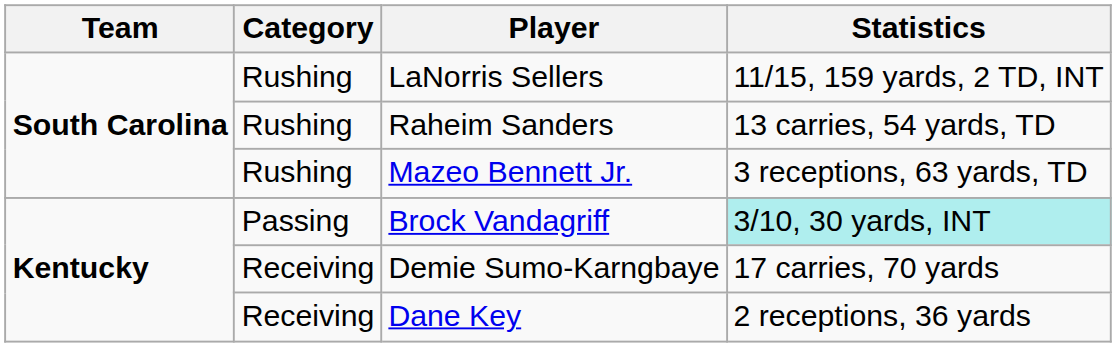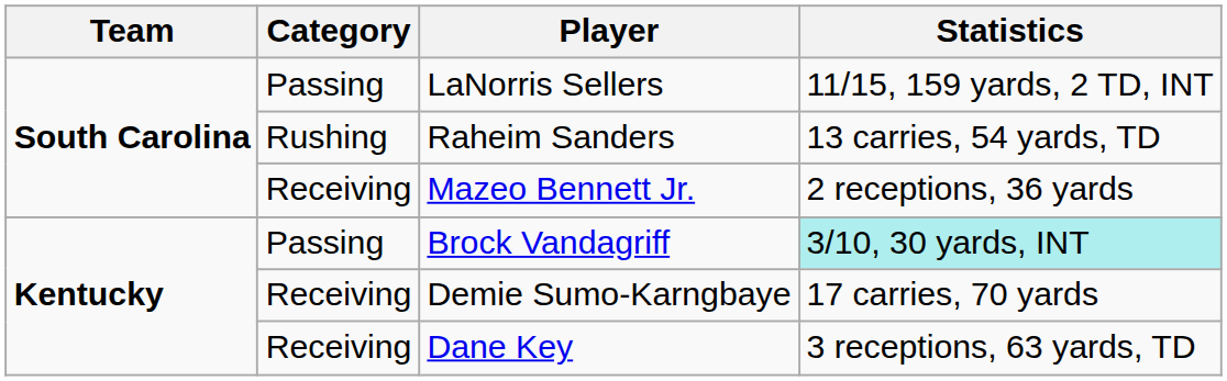 <table class="wikitable" style="float: right;">
 <tr>
 <th>Team</th>
 <th>Category</th>
 <th>Player</th>
 <th>Statistics</th>
 </tr>
 <tr>
 <td rowspan=3><strong>South Carolina</strong></td>
-<td>Rushing</td>
+<td>Passing</td>
 <td>LaNorris Sellers</td>
 <td>11/15, 159 yards, 2 TD, INT</td>
 </tr>
 <tr>
 <td>Rushing</td>
 <td>Raheim Sanders</td>
 <td>13 carries, 54 yards, TD</td>
 </tr>
 <tr>
-<td>Rushing</td>
+<td>Receiving</td>
 <td><a href='#'>Mazeo Bennett Jr.</a></td>
-<td>3 receptions, 63 yards, TD</td>
+<td>2 receptions, 36 yards</td>
 </tr>
 <tr>
 <td rowspan=3><strong>Kentucky</strong></td>
 <td>Passing</td>
 <td><a href='#'>Brock Vandagriff</a></td>
 <td style="background: paleturquoise;">3/10, 30 yards, INT</td>
 </tr>
 <tr>
 <td>Receiving</td>
 <td>Demie Sumo-Karngbaye</td>
 <td>17 carries, 70 yards</td>
 </tr>
 <tr>
 <td>Receiving</td>
 <td><a href='#'>Dane Key</a></td>
-<td>2 receptions, 36 yards</td>
+<td>3 receptions, 63 yards, TD</td>
 </tr>
 </table>
